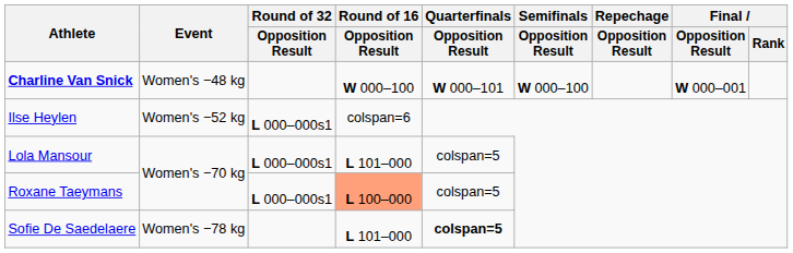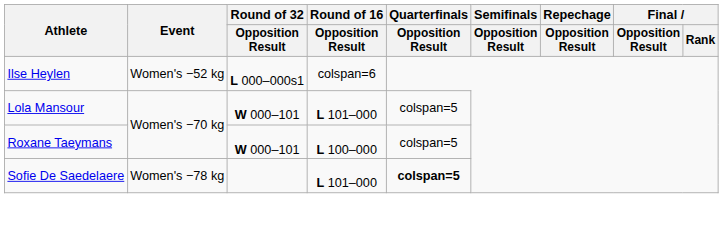 <table class="wikitable" style="font-size:90%">
 <tr>
 <th rowspan="2">Athlete</th>
 <th rowspan="2">Event</th>
 <th>Round of 32</th>
 <th>Round of 16</th>
 <th>Quarterfinals</th>
 <th>Semifinals</th>
 <th>Repechage</th>
 <th colspan=2>Final / </th>
 </tr>
 <tr style="font-size:95%">
 <th>Opposition<br>Result</th>
 <th>Opposition<br>Result</th>
 <th>Opposition<br>Result</th>
 <th>Opposition<br>Result</th>
 <th>Opposition<br>Result</th>
 <th>Opposition<br>Result</th>
 <th>Rank</th>
 </tr>
 <tr align=center>
-<td align=left><strong><a href='#'>Charline Van Snick</a></strong></td>
-<td align=left>Women's −48 kg</td>
-<td></td>
-<td><br><strong>W</strong> 000–100</td>
-<td><br><strong>W</strong> 000–101</td>
-<td><br><strong>W</strong> 000–100</td>
-<td></td>
-<td><br><strong>W</strong> 000–001</td>
-<td></td>
-</tr>
-<tr align=center>
 <td align=left><a href='#'>Ilse Heylen</a></td>
 <td align=left>Women's −52 kg</td>
 <td><br><strong>L</strong> 000–000s1</td>
 <td>colspan=6 </td>
 </tr>
 <tr align=center>
 <td align=left><a href='#'>Lola Mansour</a></td>
 <td align=left rowspan=2>Women's −70 kg</td>
-<td><br><strong>L</strong> 000–000s1</td>
+<td><br><strong>W</strong> 000–101</td>
 <td><br><strong>L</strong> 101–000</td>
 <td>colspan=5 </td>
 </tr>
 <tr align=center>
 <td align=left><a href='#'>Roxane Taeymans</a></td>
-<td><br><strong>L</strong> 000–000s1</td>
-<td style="background: lightsalmon;"><br><strong>L</strong> 100–000</td>
+<td><br><strong>W</strong> 000–101</td>
+<td><br><strong>L</strong> 100–000</td>
 <td>colspan=5 </td>
 </tr>
 <tr align=center>
 <td align=left><a href='#'>Sofie De Saedelaere</a></td>
 <td align=left>Women's −78 kg</td>
 <td></td>
 <td><br><strong>L</strong> 101–000</td>
 <td><strong>colspan=5 </strong></td>
 </tr>
 </table>
